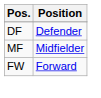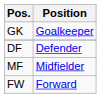 <table class="wikitable">
 <tr>
 <th>Pos.</th>
 <th style="align: left">Position</th>
+</tr>
+<tr>
+<td>GK</td>
+<td><a href='#'>Goalkeeper</a></td>
 </tr>
 <tr>
 </tr>
 <tr>
 <td>DF</td>
 <td><a href='#'>Defender</a></td>
 </tr>
 <tr>
 <td>MF</td>
 <td><a href='#'>Midfielder</a></td>
 </tr>
 <tr>
 <td>FW</td>
 <td><a href='#'>Forward</a></td>
 </tr>
 </table>
